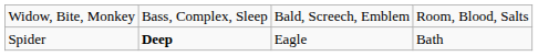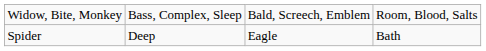 <table class="wikitable mw-collapsible mw-collapsed">
 <tr>
 <td>Widow, Bite, Monkey</td>
 <td>Bass, Complex, Sleep</td>
 <td>Bald, Screech, Emblem</td>
 <td>Room, Blood, Salts</td>
 </tr>
 <tr>
 <td>Spider</td>
-<td><strong>Deep</strong></td>
+<td>Deep</td>
 <td>Eagle</td>
 <td>Bath</td>
 </tr>
 </table>
